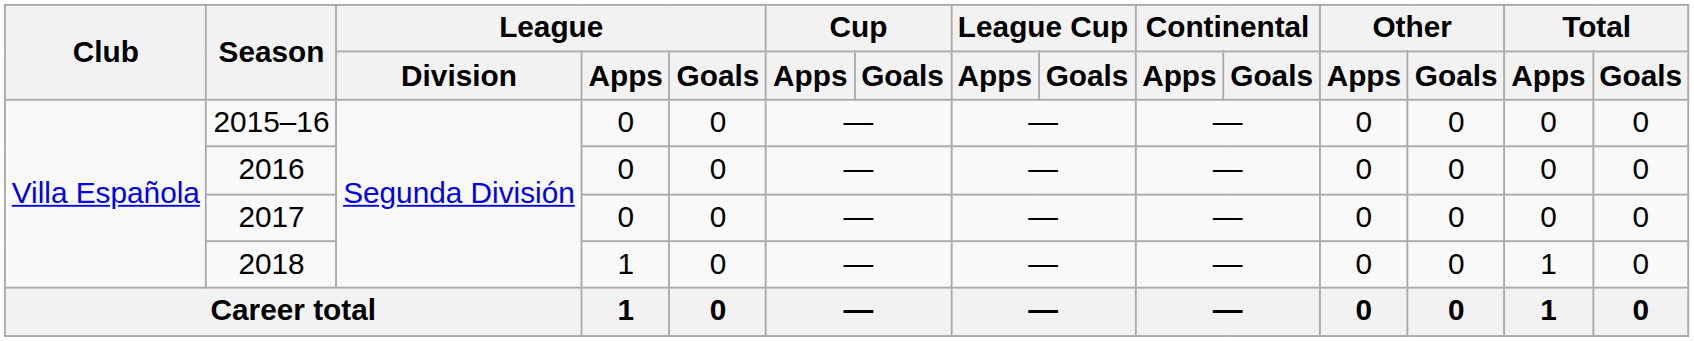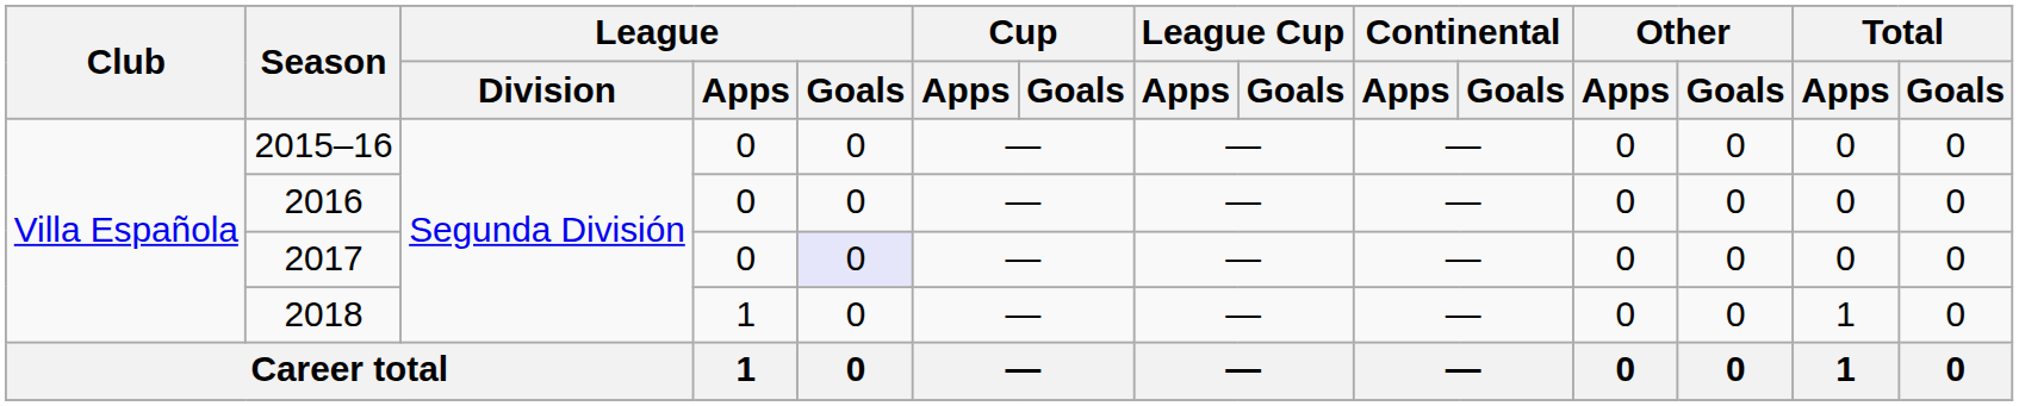 <table class="wikitable" style="text-align:center">
 <tr>
 <th rowspan="2">Club</th>
 <th rowspan="2">Season</th>
 <th colspan="3">League</th>
 <th colspan="2">Cup</th>
 <th colspan="2">League Cup</th>
 <th colspan="2">Continental</th>
 <th colspan="2">Other</th>
 <th colspan="2">Total</th>
 </tr>
 <tr>
 <th>Division</th>
 <th>Apps</th>
 <th>Goals</th>
 <th>Apps</th>
 <th>Goals</th>
 <th>Apps</th>
 <th>Goals</th>
 <th>Apps</th>
 <th>Goals</th>
 <th>Apps</th>
 <th>Goals</th>
 <th>Apps</th>
 <th>Goals</th>
 </tr>
 <tr>
 <td rowspan="4"><a href='#'>Villa Española</a></td>
 <td>2015–16</td>
 <td rowspan="4"><a href='#'>Segunda División</a></td>
 <td>0</td>
 <td>0</td>
 <td colspan="2">—</td>
 <td colspan="2">—</td>
 <td colspan="2">—</td>
 <td>0</td>
 <td>0</td>
 <td>0</td>
 <td>0</td>
 </tr>
 <tr>
 <td>2016</td>
 <td>0</td>
 <td>0</td>
 <td colspan="2">—</td>
 <td colspan="2">—</td>
 <td colspan="2">—</td>
 <td>0</td>
 <td>0</td>
 <td>0</td>
 <td>0</td>
 </tr>
 <tr>
 <td>2017</td>
 <td>0</td>
-<td>0</td>
+<td style="background: lavender;">0</td>
 <td colspan="2">—</td>
 <td colspan="2">—</td>
 <td colspan="2">—</td>
 <td>0</td>
 <td>0</td>
 <td>0</td>
 <td>0</td>
 </tr>
 <tr>
 <td>2018</td>
 <td>1</td>
 <td>0</td>
 <td colspan="2">—</td>
 <td colspan="2">—</td>
 <td colspan="2">—</td>
 <td>0</td>
 <td>0</td>
 <td>1</td>
 <td>0</td>
 </tr>
 <tr>
 <th colspan="3">Career total</th>
 <th>1</th>
 <th>0</th>
 <th colspan="2">—</th>
 <th colspan="2">—</th>
 <th colspan="2">—</th>
 <th>0</th>
 <th>0</th>
 <th>1</th>
 <th>0</th>
 </tr>
 </table>
